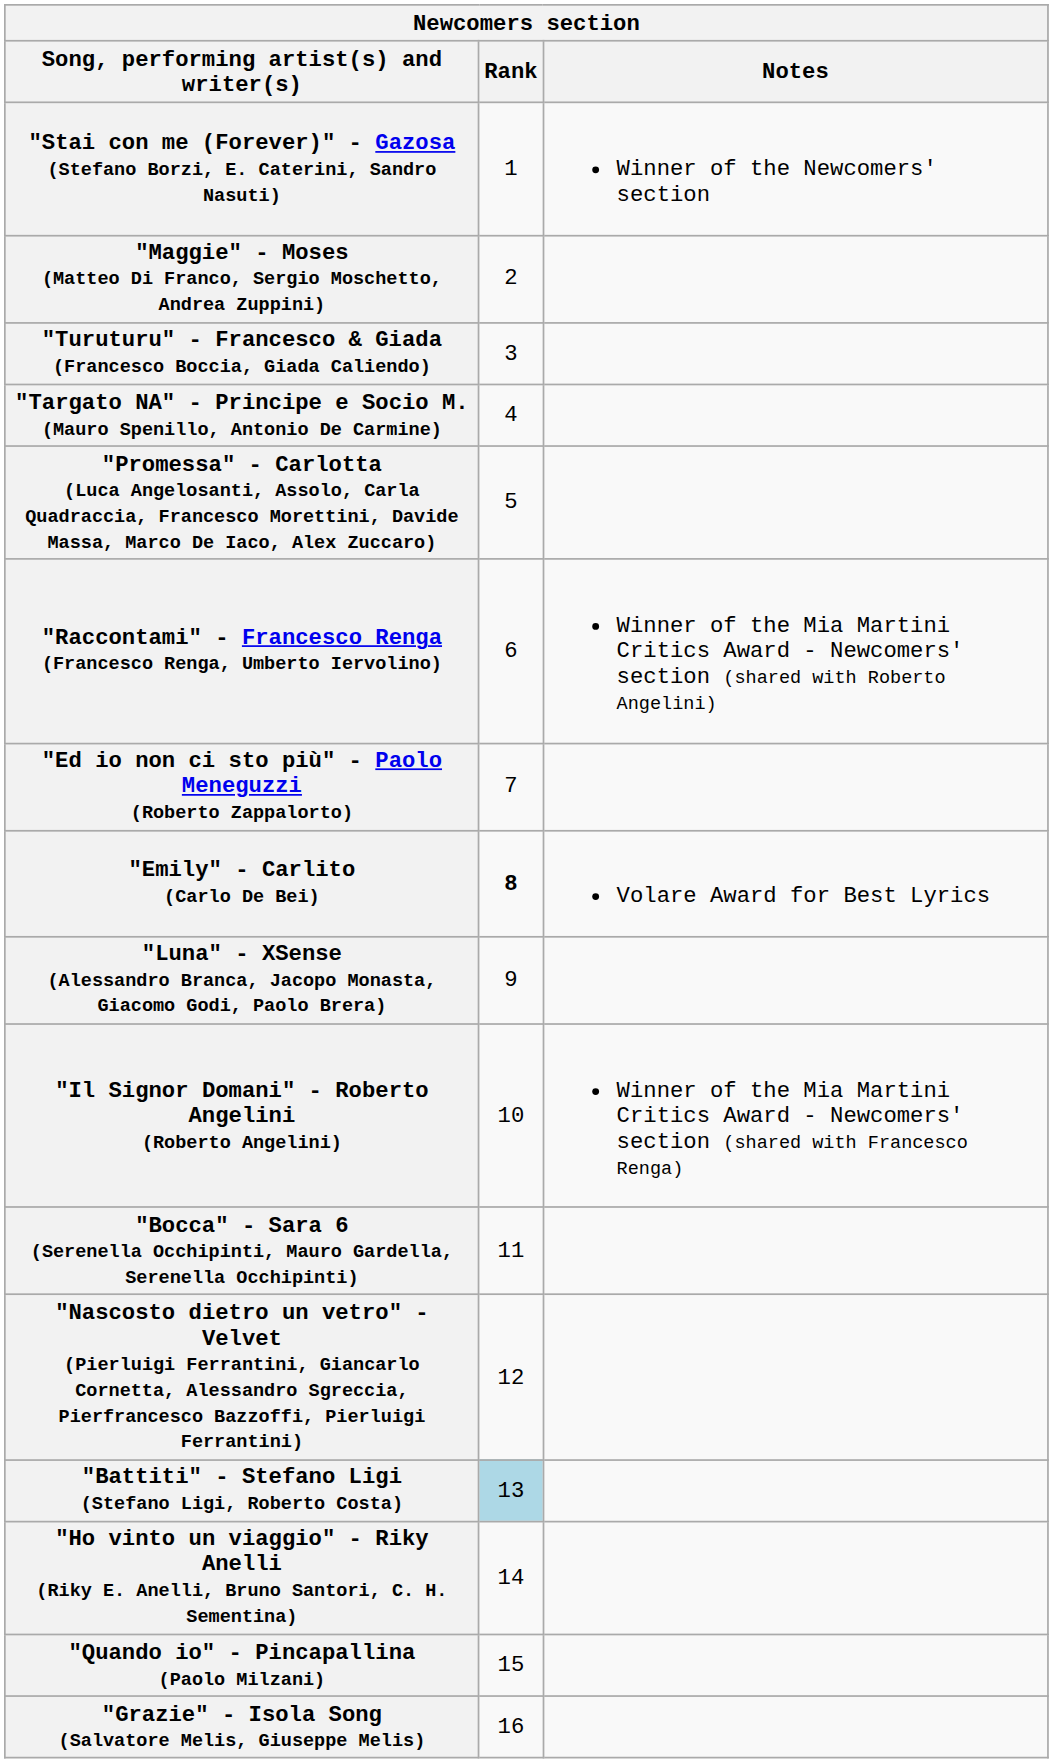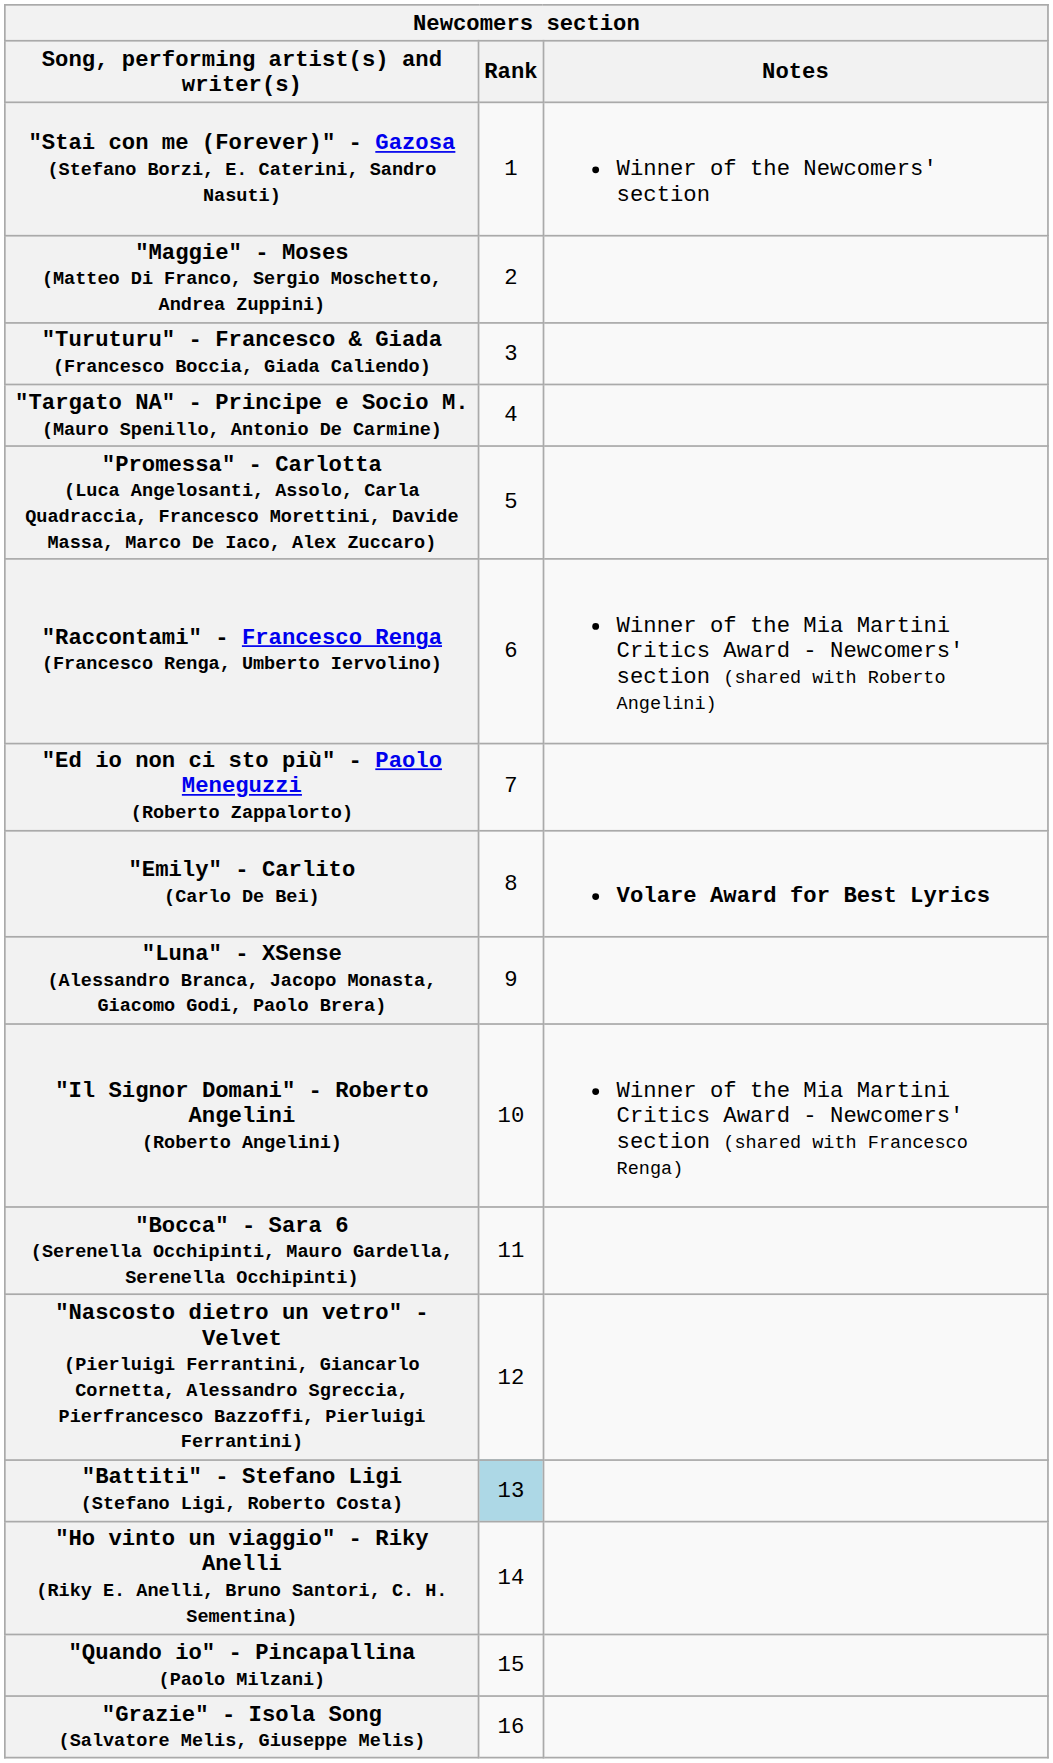 <table class="plainrowheaders wikitable">
 <tr>
 <th colspan="3">Newcomers section</th>
 </tr>
 <tr>
 <th>Song, performing artist(s) and writer(s)</th>
 <th>Rank</th>
 <th>Notes</th>
 </tr>
 <tr>
 <th scope="row">"Stai con me (Forever)" - <a href='#'>Gazosa</a> <br><small>  (Stefano Borzi, E. Caterini, Sandro Nasuti)</small></th>
 <td align="center">1</td>
 <td><br><ul><li>Winner of the Newcomers' section</li></ul></td>
 </tr>
 <tr>
 <th scope="row">"Maggie" -  Moses <br><small>  (Matteo Di Franco, Sergio Moschetto, Andrea Zuppini) </small></th>
 <td align="center">2</td>
 <td></td>
 </tr>
 <tr>
 <th scope="row">"Turuturu" - Francesco & Giada <br><small>  (Francesco Boccia, Giada Caliendo) </small></th>
 <td align="center">3</td>
 <td></td>
 </tr>
 <tr>
 <th scope="row">"Targato NA" -  Principe e Socio M.<br> <small> (Mauro Spenillo, Antonio De Carmine) </small></th>
 <td align="center">4</td>
 <td></td>
 </tr>
 <tr>
 <th scope="row">"Promessa" - Carlotta<br> <small> (Luca Angelosanti, Assolo, Carla Quadraccia, Francesco Morettini, Davide Massa, Marco De Iaco, Alex Zuccaro) </small></th>
 <td align="center">5</td>
 <td></td>
 </tr>
 <tr>
 <th scope="row">"Raccontami" -  <a href='#'>Francesco Renga</a> <br><small> (Francesco Renga, Umberto Iervolino) </small></th>
 <td align="center">6</td>
 <td><br><ul><li>Winner of the Mia Martini Critics Award - Newcomers' section <small>(shared with Roberto Angelini)</small></li></ul></td>
 </tr>
 <tr>
 <th scope="row">"Ed io non ci sto più" -  <a href='#'>Paolo Meneguzzi</a><br> <small> (Roberto Zappalorto) </small></th>
 <td align="center">7</td>
 <td></td>
 </tr>
 <tr>
 <th scope="row">"Emily" - Carlito<br><small> (Carlo De Bei) </small></th>
-<td align="center"><strong>8</strong></td>
-<td><br><ul><li>Volare Award for Best Lyrics</li></ul></td>
+<td align="center">8</td>
+<td><strong><br><ul><li>Volare Award for Best Lyrics</li></ul></strong></td>
 </tr>
 <tr>
 <th scope="row">"Luna" - XSense<br><small> (Alessandro Branca, Jacopo Monasta, Giacomo Godi, Paolo Brera) </small></th>
 <td align="center">9</td>
 <td></td>
 </tr>
 <tr>
 <th scope="row">"Il Signor Domani" - Roberto Angelini <br><small> (Roberto Angelini) </small></th>
 <td align="center">10</td>
 <td><br><ul><li>Winner of the Mia Martini Critics Award - Newcomers' section <small>(shared with Francesco Renga)</small></li></ul></td>
 </tr>
 <tr>
 <th scope="row">"Bocca" -  Sara 6<br> <small> (Serenella Occhipinti, Mauro Gardella, Serenella Occhipinti) </small></th>
 <td align="center">11</td>
 <td></td>
 </tr>
 <tr>
 <th scope="row">"Nascosto dietro un vetro" - Velvet <br> <small> (Pierluigi Ferrantini, Giancarlo Cornetta, Alessandro Sgreccia, Pierfrancesco Bazzoffi, Pierluigi Ferrantini) </small></th>
 <td align="center">12</td>
 <td></td>
 </tr>
 <tr>
 <th scope="row">"Battiti" - Stefano Ligi<br><small> (Stefano Ligi, Roberto Costa) </small></th>
 <td align="center" style="background: lightblue;">13</td>
 <td></td>
 </tr>
 <tr>
 <th scope="row">"Ho vinto un viaggio" - Riky Anelli<br><small> (Riky E. Anelli, Bruno Santori, C. H. Sementina) </small></th>
 <td align="center">14</td>
 <td></td>
 </tr>
 <tr>
 <th scope="row">"Quando io" - Pincapallina <br><small> (Paolo Milzani) </small></th>
 <td align="center">15</td>
 <td></td>
 </tr>
 <tr>
 <th scope="row">"Grazie" -  Isola Song<br><small> (Salvatore Melis, Giuseppe Melis) </small></th>
 <td align="center">16</td>
 <td></td>
 </tr>
 </table>
